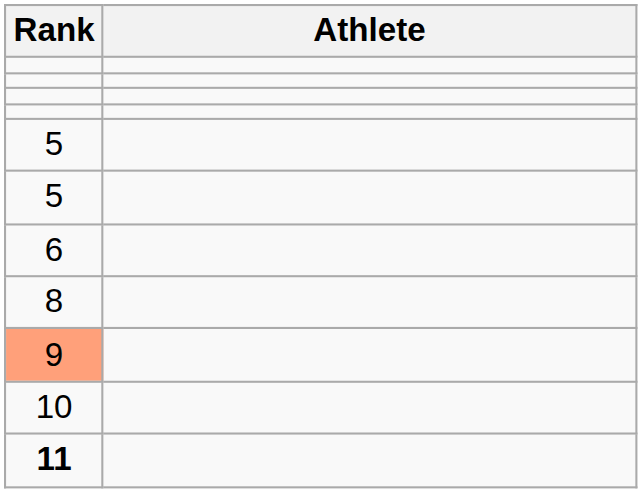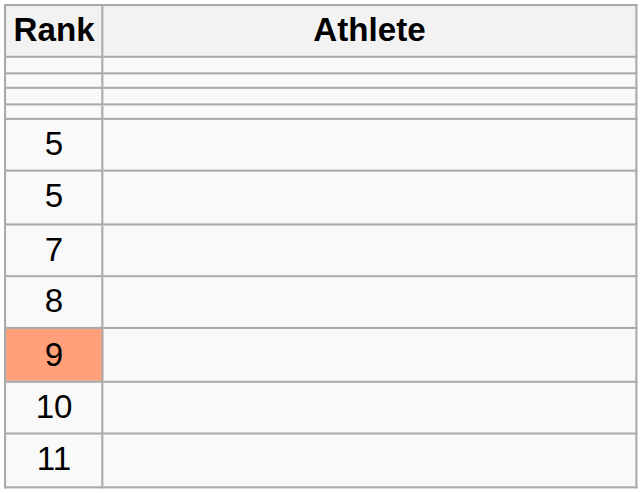 <table class="wikitable" style="text-align: center;">
 <tr>
 <th width=40>Rank</th>
 <th width=250>Athlete</th>
 </tr>
 <tr>
 <td></td>
 <td align="left"></td>
 </tr>
 <tr>
 <td></td>
 <td align="left"></td>
 </tr>
 <tr>
 <td></td>
 <td align="left"></td>
 </tr>
 <tr>
 <td></td>
 <td align="left"></td>
 </tr>
 <tr>
 <td>5</td>
 <td align="left"></td>
 </tr>
 <tr>
 <td>5</td>
 <td align="left"></td>
 </tr>
 <tr>
-<td>6</td>
+<td>7</td>
 <td align="left"></td>
 </tr>
 <tr>
 <td>8</td>
 <td align="left"></td>
 </tr>
 <tr>
 <td style="background: lightsalmon;">9</td>
 <td align="left"></td>
 </tr>
 <tr>
 <td>10</td>
 <td align="left"></td>
 </tr>
 <tr>
-<td><strong>11</strong></td>
+<td>11</td>
 <td align="left"></td>
 </tr>
 </table>
